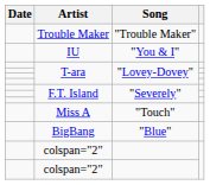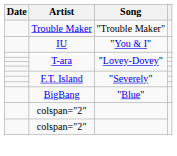 <table class="wikitable sortable" style="text-align:center">
 <tr>
 <th>Date</th>
 <th>Artist</th>
 <th>Song</th>
 <th class="unsortable"></th>
 </tr>
 <tr>
 <td></td>
 <td><a href='#'>Trouble Maker</a></td>
 <td>"Trouble Maker"</td>
 <td></td>
 </tr>
 <tr>
 <td></td>
 <td><a href='#'>IU</a></td>
 <td>"<a href='#'>You & I</a>"</td>
 <td></td>
 </tr>
 <tr>
 <td></td>
 <td rowspan="4"><a href='#'>T-ara</a></td>
 <td rowspan="4">"<a href='#'>Lovey-Dovey</a>"</td>
 <td></td>
 </tr>
 <tr>
 <td></td>
 <td></td>
 </tr>
 <tr>
 <td></td>
 <td></td>
 </tr>
 <tr>
 <td></td>
 <td></td>
 </tr>
 <tr>
 <td></td>
 <td rowspan="3"><a href='#'>F.T. Island</a></td>
 <td rowspan="3">"<a href='#'>Severely</a>"</td>
 <td></td>
 </tr>
 <tr>
 <td></td>
 <td></td>
 </tr>
 <tr>
 <td></td>
 <td></td>
 </tr>
 <tr>
 <td></td>
-<td><a href='#'>Miss A</a></td>
-<td>"Touch"</td>
-<td></td>
-</tr>
-<tr>
-<td></td>
 <td><a href='#'>BigBang</a></td>
 <td>"<a href='#'>Blue</a>"</td>
 <td></td>
 </tr>
 <tr>
 <td></td>
 <td>colspan="2" </td>
 <td></td>
 </tr>
 <tr>
 <td></td>
 <td>colspan="2" </td>
 <td></td>
 </tr>
 </table>
